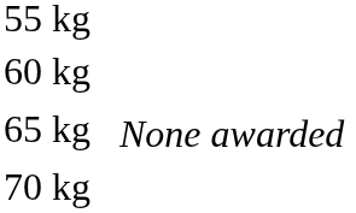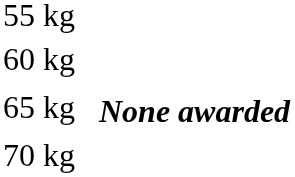 <table>
 <tr>
 <td rowspan=2>55 kg</td>
 <td rowspan=2></td>
 <td rowspan=2></td>
 <td></td>
 </tr>
 <tr>
 <td></td>
 </tr>
 <tr>
 <td rowspan=2>60 kg</td>
 <td rowspan=2></td>
 <td rowspan=2></td>
 <td></td>
 </tr>
 <tr>
 <td></td>
 </tr>
 <tr>
 <td rowspan=2>65 kg</td>
 <td rowspan=2></td>
 <td rowspan=2></td>
 <td></td>
 </tr>
 <tr>
-<td><em>None awarded</em></td>
+<td><strong><em>None awarded</em></strong></td>
 </tr>
 <tr>
 <td rowspan=2>70 kg</td>
 <td rowspan=2></td>
 <td rowspan=2></td>
 <td></td>
 </tr>
 <tr>
 <td></td>
 </tr>
 </table>
